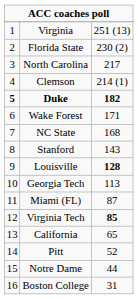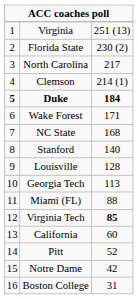 <table class="wikitable" style="display: inline-table;">
 <tr>
 <td align="center" Colspan="3"><strong>ACC coaches poll</strong></td>
 </tr>
 <tr align="center">
 </tr>
 <tr align="center">
 <td>1</td>
 <td>Virginia</td>
 <td>251 (13)</td>
 </tr>
 <tr align="center">
 <td>2</td>
 <td>Florida State</td>
 <td>230 (2)</td>
 </tr>
 <tr align="center">
 <td>3</td>
 <td>North Carolina</td>
 <td>217</td>
 </tr>
 <tr align="center">
 <td>4</td>
 <td>Clemson</td>
 <td>214 (1)</td>
 </tr>
 <tr align="center">
 <td><strong>5</strong></td>
 <td><strong>Duke</strong></td>
-<td><strong>182</strong></td>
+<td><strong>184</strong></td>
 </tr>
 <tr align="center">
 <td>6</td>
 <td>Wake Forest</td>
 <td>171</td>
 </tr>
 <tr align="center">
 <td>7</td>
 <td>NC State</td>
 <td>168</td>
 </tr>
 <tr align="center">
 <td>8</td>
 <td>Stanford</td>
-<td>143</td>
+<td>140</td>
 </tr>
 <tr align="center">
 <td>9</td>
 <td>Louisville</td>
-<td><strong>128</strong></td>
+<td>128</td>
 </tr>
 <tr align="center">
 <td>10</td>
 <td>Georgia Tech</td>
 <td>113</td>
 </tr>
 <tr align="center">
 <td>11</td>
 <td>Miami (FL)</td>
-<td>87</td>
+<td>88</td>
 </tr>
 <tr align="center">
 <td>12</td>
 <td>Virginia Tech</td>
 <td><strong>85</strong></td>
 </tr>
 <tr align="center">
 <td>13</td>
 <td>California</td>
-<td>65</td>
+<td>60</td>
 </tr>
 <tr align="center">
 <td>14</td>
 <td>Pitt</td>
 <td>52</td>
 </tr>
 <tr align="center">
 <td>15</td>
 <td>Notre Dame</td>
-<td>44</td>
+<td>42</td>
 </tr>
 <tr align="center">
 <td>16</td>
 <td>Boston College</td>
 <td>31</td>
 </tr>
 </table>
